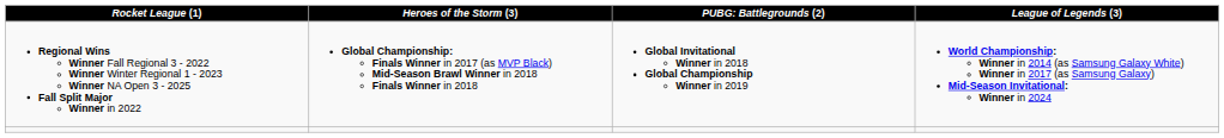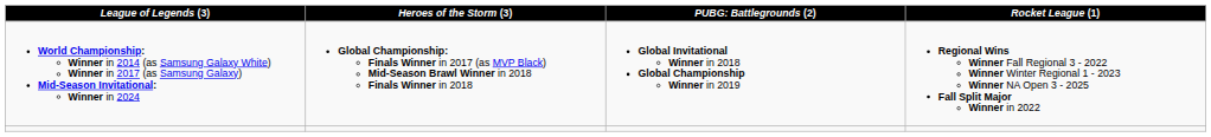 <table class="wikitable centre" width="100%" align="center" style="font-size:85%">
 <tr>
-<th width="25%" style="color:#FFFFFF; background:#000000;"><em>Rocket League</em> (1)</th>
+<th width="25%" style="color:#FFFFFF; background:#000000;"><em>League of Legends</em> (3)</th>
 <th width="25%" style="color:#FFFFFF; background:#000000;"><em>Heroes of the Storm</em> (3)</th>
 <th width="25%" style="color:#FFFFFF; background:#000000;"><em>PUBG: Battlegrounds</em> (2)</th>
-<th width="25%" style="color:#FFFFFF; background:#000000;"><em>League of Legends</em> (3)</th>
+<th width="25%" style="color:#FFFFFF; background:#000000;"><em>Rocket League</em> (1)</th>
 </tr>
 <tr style="vertical-align:top;">
-<td><br><ul><li><strong>Regional Wins</strong><ul><li><strong>Winner</strong> Fall Regional 3 - 2022</li><li><strong>Winner</strong> Winter Regional 1 - 2023</li><li><strong>Winner</strong> NA Open 3 - 2025</li></ul></li><li><strong>Fall Split Major</strong><ul><li><strong>Winner</strong> in 2022</li></ul></li></ul></td>
+<td><br><ul><li><strong><a href='#'>World Championship</a>:</strong><ul><li><strong>Winner</strong> in <a href='#'>2014</a> (as <a href='#'>Samsung Galaxy White</a>)</li><li><strong>Winner</strong> in <a href='#'>2017</a> (as <a href='#'>Samsung Galaxy</a>)</li></ul></li><li><strong><a href='#'>Mid-Season Invitational</a>:</strong><ul><li><strong>Winner</strong> in <a href='#'>2024</a></li></ul></li></ul></td>
 <td><br><ul><li><strong>Global Championship:</strong><ul><li><strong>Finals Winner</strong> in 2017 (as <a href='#'>MVP Black</a>)</li><li><strong>Mid-Season Brawl Winner</strong> in 2018</li><li><strong>Finals Winner</strong> in 2018</li></ul></li></ul></td>
 <td><br><ul><li><strong>Global Invitational</strong><ul><li><strong>Winner</strong> in 2018</li></ul></li><li><strong>Global Championship</strong><ul><li><strong>Winner</strong> in 2019</li></ul></li></ul></td>
-<td><br><ul><li><strong><a href='#'>World Championship</a>:</strong><ul><li><strong>Winner</strong> in <a href='#'>2014</a> (as <a href='#'>Samsung Galaxy White</a>)</li><li><strong>Winner</strong> in <a href='#'>2017</a> (as <a href='#'>Samsung Galaxy</a>)</li></ul></li><li><strong><a href='#'>Mid-Season Invitational</a>:</strong><ul><li><strong>Winner</strong> in <a href='#'>2024</a></li></ul></li></ul></td>
+<td><br><ul><li><strong>Regional Wins</strong><ul><li><strong>Winner</strong> Fall Regional 3 - 2022</li><li><strong>Winner</strong> Winter Regional 1 - 2023</li><li><strong>Winner</strong> NA Open 3 - 2025</li></ul></li><li><strong>Fall Split Major</strong><ul><li><strong>Winner</strong> in 2022</li></ul></li></ul></td>
 </tr>
 <tr>
 <td></td>
 <td></td>
 <td></td>
 <td></td>
 </tr>
 </table>
